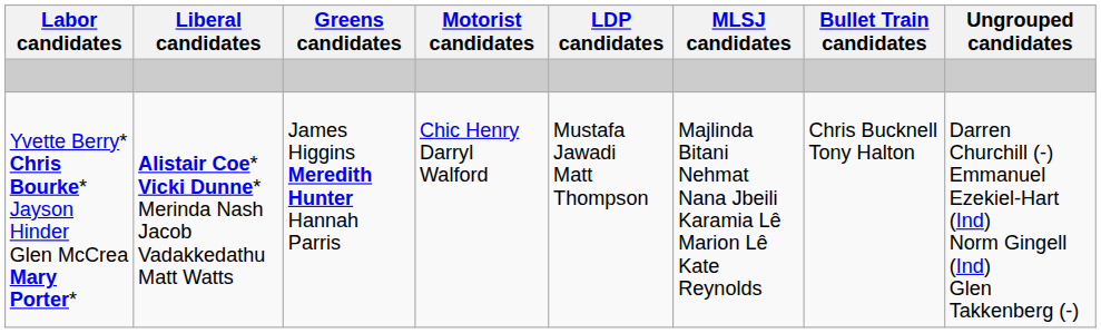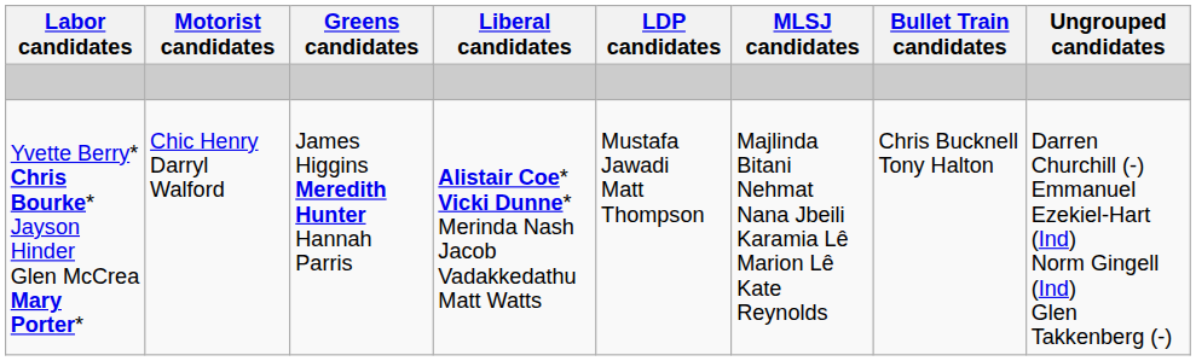 <table class="wikitable">
 <tr>
 <th><a href='#'>Labor</a> candidates</th>
+<th><a href='#'>Motorist</a> candidates</th>
+<th><a href='#'>Greens</a> candidates</th>
 <th><a href='#'>Liberal</a> candidates</th>
-<th><a href='#'>Greens</a> candidates</th>
-<th><a href='#'>Motorist</a> candidates</th>
 <th><a href='#'>LDP</a> candidates</th>
 <th><a href='#'>MLSJ</a> candidates</th>
 <th><a href='#'>Bullet Train</a> candidates</th>
 <th>Ungrouped candidates</th>
 </tr>
 <tr bgcolor="#cccccc">
 <td></td>
 <td></td>
 <td></td>
 <td></td>
 <td></td>
 <td></td>
 <td></td>
 <td> </td>
 </tr>
 <tr>
 <td><br><a href='#'>Yvette Berry</a>*<br> <strong><a href='#'>Chris Bourke</a></strong>*<br> <a href='#'>Jayson Hinder</a><br> Glen McCrea<br> <strong><a href='#'>Mary Porter</a></strong>*</td>
+<td valign=top><br><a href='#'>Chic Henry</a><br> Darryl Walford</td>
+<td valign=top><br>James Higgins<br> <strong><a href='#'>Meredith Hunter</a></strong><br> Hannah Parris</td>
 <td><br><strong><a href='#'>Alistair Coe</a></strong>*<br> <strong><a href='#'>Vicki Dunne</a></strong>*<br> Merinda Nash<br> Jacob Vadakkedathu<br> Matt Watts</td>
-<td valign=top><br>James Higgins<br> <strong><a href='#'>Meredith Hunter</a></strong><br> Hannah Parris</td>
-<td valign=top><br><a href='#'>Chic Henry</a><br> Darryl Walford</td>
 <td valign=top><br>Mustafa Jawadi<br> Matt Thompson</td>
 <td valign=top><br>Majlinda Bitani<br> Nehmat Nana Jbeili<br> Karamia Lê<br> Marion Lê<br> Kate Reynolds</td>
 <td valign=top><br>Chris Bucknell<br> Tony Halton</td>
 <td valign=top><br>Darren Churchill (-)<br> Emmanuel Ezekiel-Hart (<a href='#'>Ind</a>)<br> Norm Gingell (<a href='#'>Ind</a>)<br> Glen Takkenberg (-)</td>
 </tr>
 </table>
